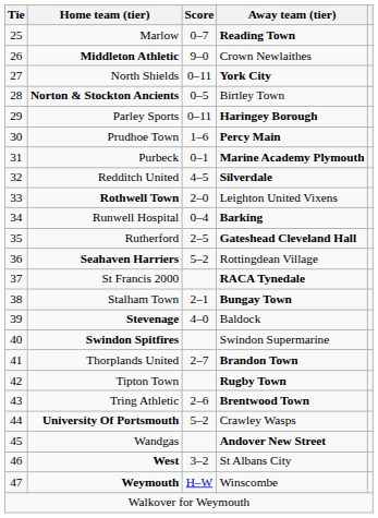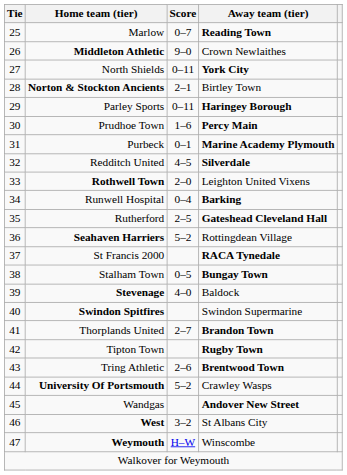 <table class="wikitable" style="text-align:center; font-size:85%">
 <tr>
 <th>Tie</th>
 <th>Home team (tier)</th>
 <th>Score</th>
 <th>Away team (tier)</th>
 <th></th>
 </tr>
 <tr>
 <td>25</td>
 <td style="text-align: right;">Marlow</td>
 <td style="text-align: center;">0–7</td>
 <td style="text-align: left;"><strong>Reading Town</strong></td>
 <td></td>
 </tr>
 <tr>
 <td>26</td>
 <td style="text-align: right;"><strong>Middleton Athletic</strong></td>
 <td style="text-align: center;">9–0</td>
 <td style="text-align: left;">Crown Newlaithes</td>
 <td></td>
 </tr>
 <tr>
 <td>27</td>
 <td style="text-align: right;">North Shields</td>
 <td style="text-align: center;">0–11</td>
 <td style="text-align: left;"><strong>York City</strong></td>
 <td></td>
 </tr>
 <tr>
 <td>28</td>
 <td style="text-align: right;"><strong>Norton & Stockton Ancients</strong></td>
-<td style="text-align: center;">0–5</td>
+<td align="right" style="text-align: center;">2–1</td>
 <td style="text-align: left;">Birtley Town</td>
 <td></td>
 </tr>
 <tr>
 <td>29</td>
 <td style="text-align: right;">Parley Sports</td>
 <td style="text-align: center;">0–11</td>
 <td style="text-align: left;"><strong>Haringey Borough</strong></td>
 <td></td>
 </tr>
 <tr>
 <td>30</td>
 <td style="text-align: right;">Prudhoe Town</td>
 <td align="right" style="text-align: center;">1–6</td>
 <td style="text-align: left;"><strong>Percy Main</strong></td>
 <td></td>
 </tr>
 <tr>
 <td>31</td>
 <td style="text-align: right;">Purbeck</td>
 <td style="text-align: center;">0–1</td>
 <td style="text-align: left;"><strong>Marine Academy Plymouth</strong></td>
 <td></td>
 </tr>
 <tr>
 <td>32</td>
 <td style="text-align: right;">Redditch United</td>
 <td align="right" style="text-align: center;">4–5</td>
 <td style="text-align: left;"><strong>Silverdale</strong></td>
 <td></td>
 </tr>
 <tr>
 <td>33</td>
 <td style="text-align: right;"><strong>Rothwell Town</strong></td>
 <td style="text-align: center;">2–0</td>
 <td style="text-align: left;">Leighton United Vixens</td>
 <td></td>
 </tr>
 <tr>
 <td>34</td>
 <td style="text-align: right;">Runwell Hospital</td>
 <td style="text-align: center;">0–4</td>
 <td style="text-align: left;"><strong>Barking</strong></td>
 <td></td>
 </tr>
 <tr>
 <td>35</td>
 <td style="text-align: right;">Rutherford</td>
 <td align="right" style="text-align: center;">2–5</td>
 <td style="text-align: left;"><strong>Gateshead Cleveland Hall</strong></td>
 <td></td>
 </tr>
 <tr>
 <td>36</td>
 <td style="text-align: right;"><strong>Seahaven Harriers</strong></td>
 <td align="right" style="text-align: center;">5–2</td>
 <td style="text-align: left;">Rottingdean Village</td>
 <td></td>
 </tr>
 <tr>
 <td>37</td>
 <td style="text-align: right;">St Francis 2000</td>
 <td align="right" style="text-align: center;"></td>
 <td style="text-align: left;"><strong>RACA Tynedale</strong></td>
 <td></td>
 </tr>
 <tr>
 <td>38</td>
 <td style="text-align: right;">Stalham Town</td>
-<td align="right" style="text-align: center;">2–1</td>
+<td style="text-align: center;">0–5</td>
 <td style="text-align: left;"><strong>Bungay Town</strong></td>
 <td></td>
 </tr>
 <tr>
 <td>39</td>
 <td style="text-align: right;"><strong>Stevenage</strong></td>
 <td style="text-align: center;">4–0</td>
 <td style="text-align: left;">Baldock</td>
 <td></td>
 </tr>
 <tr>
 <td>40</td>
 <td style="text-align: right;"><strong>Swindon Spitfires</strong></td>
 <td align="right" style="text-align: center;"></td>
 <td style="text-align: left;">Swindon Supermarine</td>
 <td></td>
 </tr>
 <tr>
 <td>41</td>
 <td style="text-align: right;">Thorplands United</td>
 <td align="right" style="text-align: center;">2–7</td>
 <td style="text-align: left;"><strong>Brandon Town</strong></td>
 <td></td>
 </tr>
 <tr>
 <td>42</td>
 <td style="text-align: right;">Tipton Town</td>
 <td align="right" style="text-align: center;"></td>
 <td style="text-align: left;"><strong>Rugby Town</strong></td>
 <td></td>
 </tr>
 <tr>
 <td>43</td>
 <td style="text-align: right;">Tring Athletic</td>
 <td align="right" style="text-align: center;">2–6</td>
 <td style="text-align: left;"><strong>Brentwood Town</strong></td>
 <td></td>
 </tr>
 <tr>
 <td>44</td>
 <td style="text-align: right;"><strong>University Of Portsmouth</strong></td>
 <td align="right" style="text-align: center;">5–2</td>
 <td style="text-align: left;">Crawley Wasps</td>
 <td></td>
 </tr>
 <tr>
 <td>45</td>
 <td style="text-align: right;">Wandgas</td>
 <td align="right" style="text-align: center;"></td>
 <td style="text-align: left;"><strong>Andover New Street</strong></td>
 <td></td>
 </tr>
 <tr>
 <td>46</td>
 <td style="text-align: right;"><strong>West</strong></td>
 <td align="right" style="text-align: center;">3–2</td>
 <td style="text-align: left;">St Albans City</td>
 <td></td>
 </tr>
 <tr>
 <td>47</td>
 <td style="text-align: right;"><strong>Weymouth</strong></td>
 <td align="center" style="text-align: center;"><a href='#'>H–W</a></td>
 <td style="text-align: left;">Winscombe</td>
 <td></td>
 </tr>
 <tr>
 <td colspan="5" align="center">Walkover for Weymouth</td>
 </tr>
 </table>
